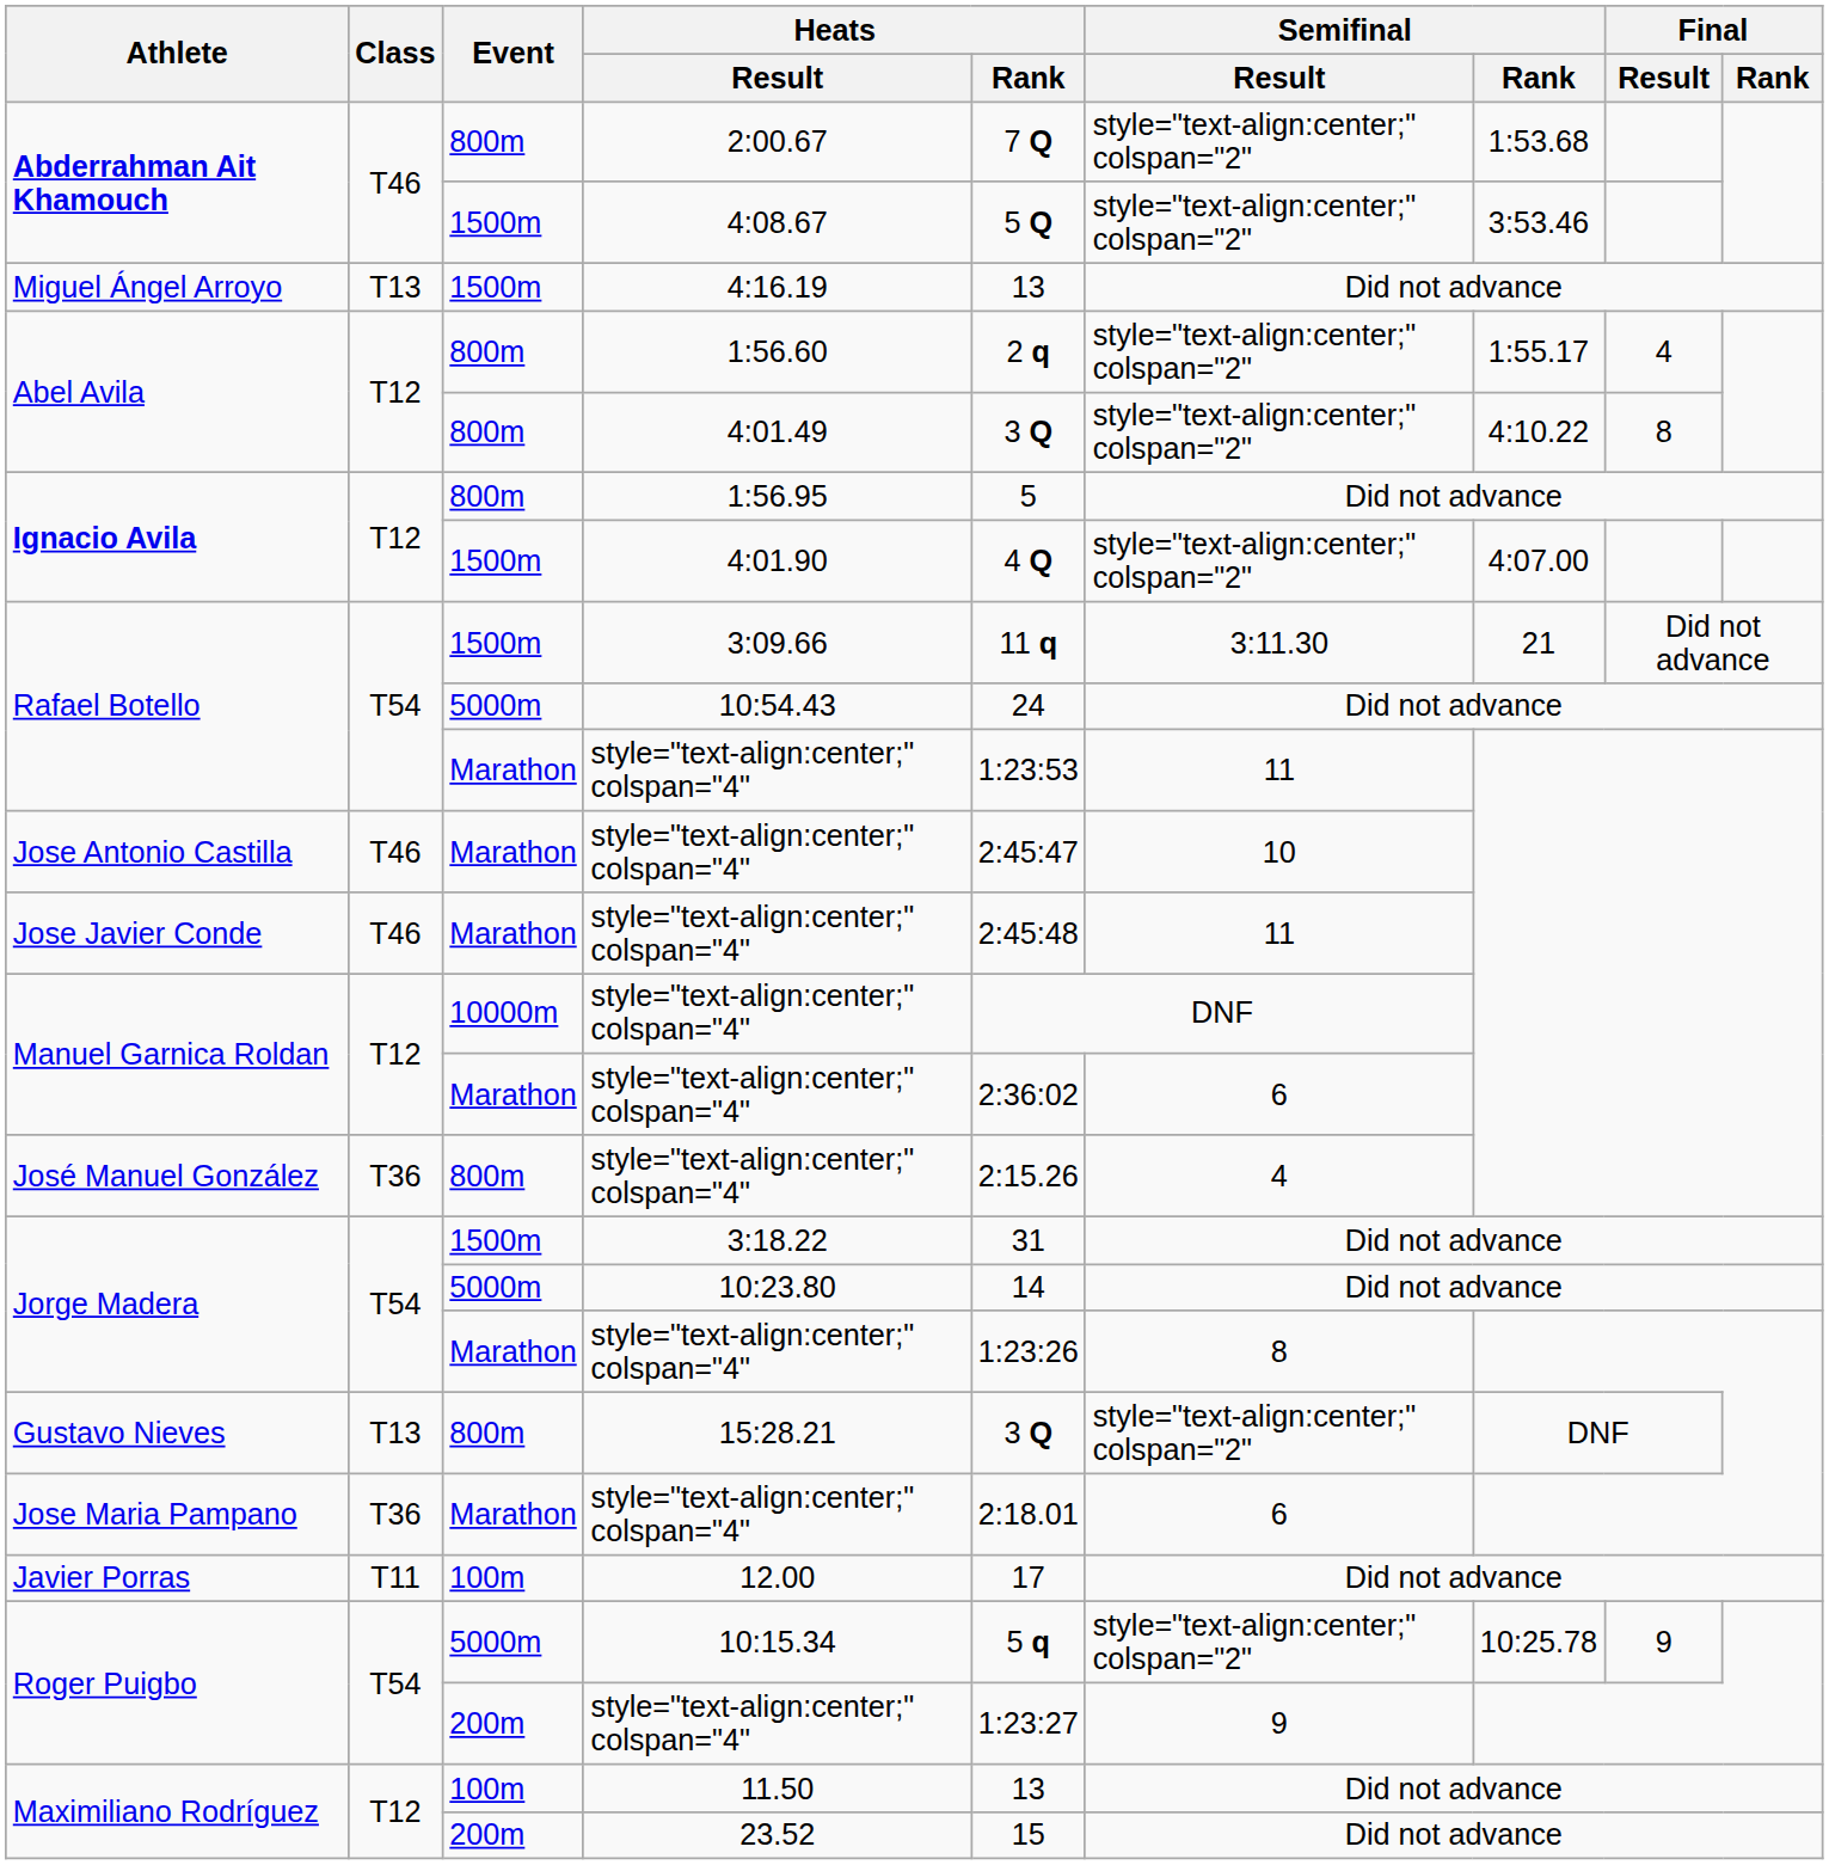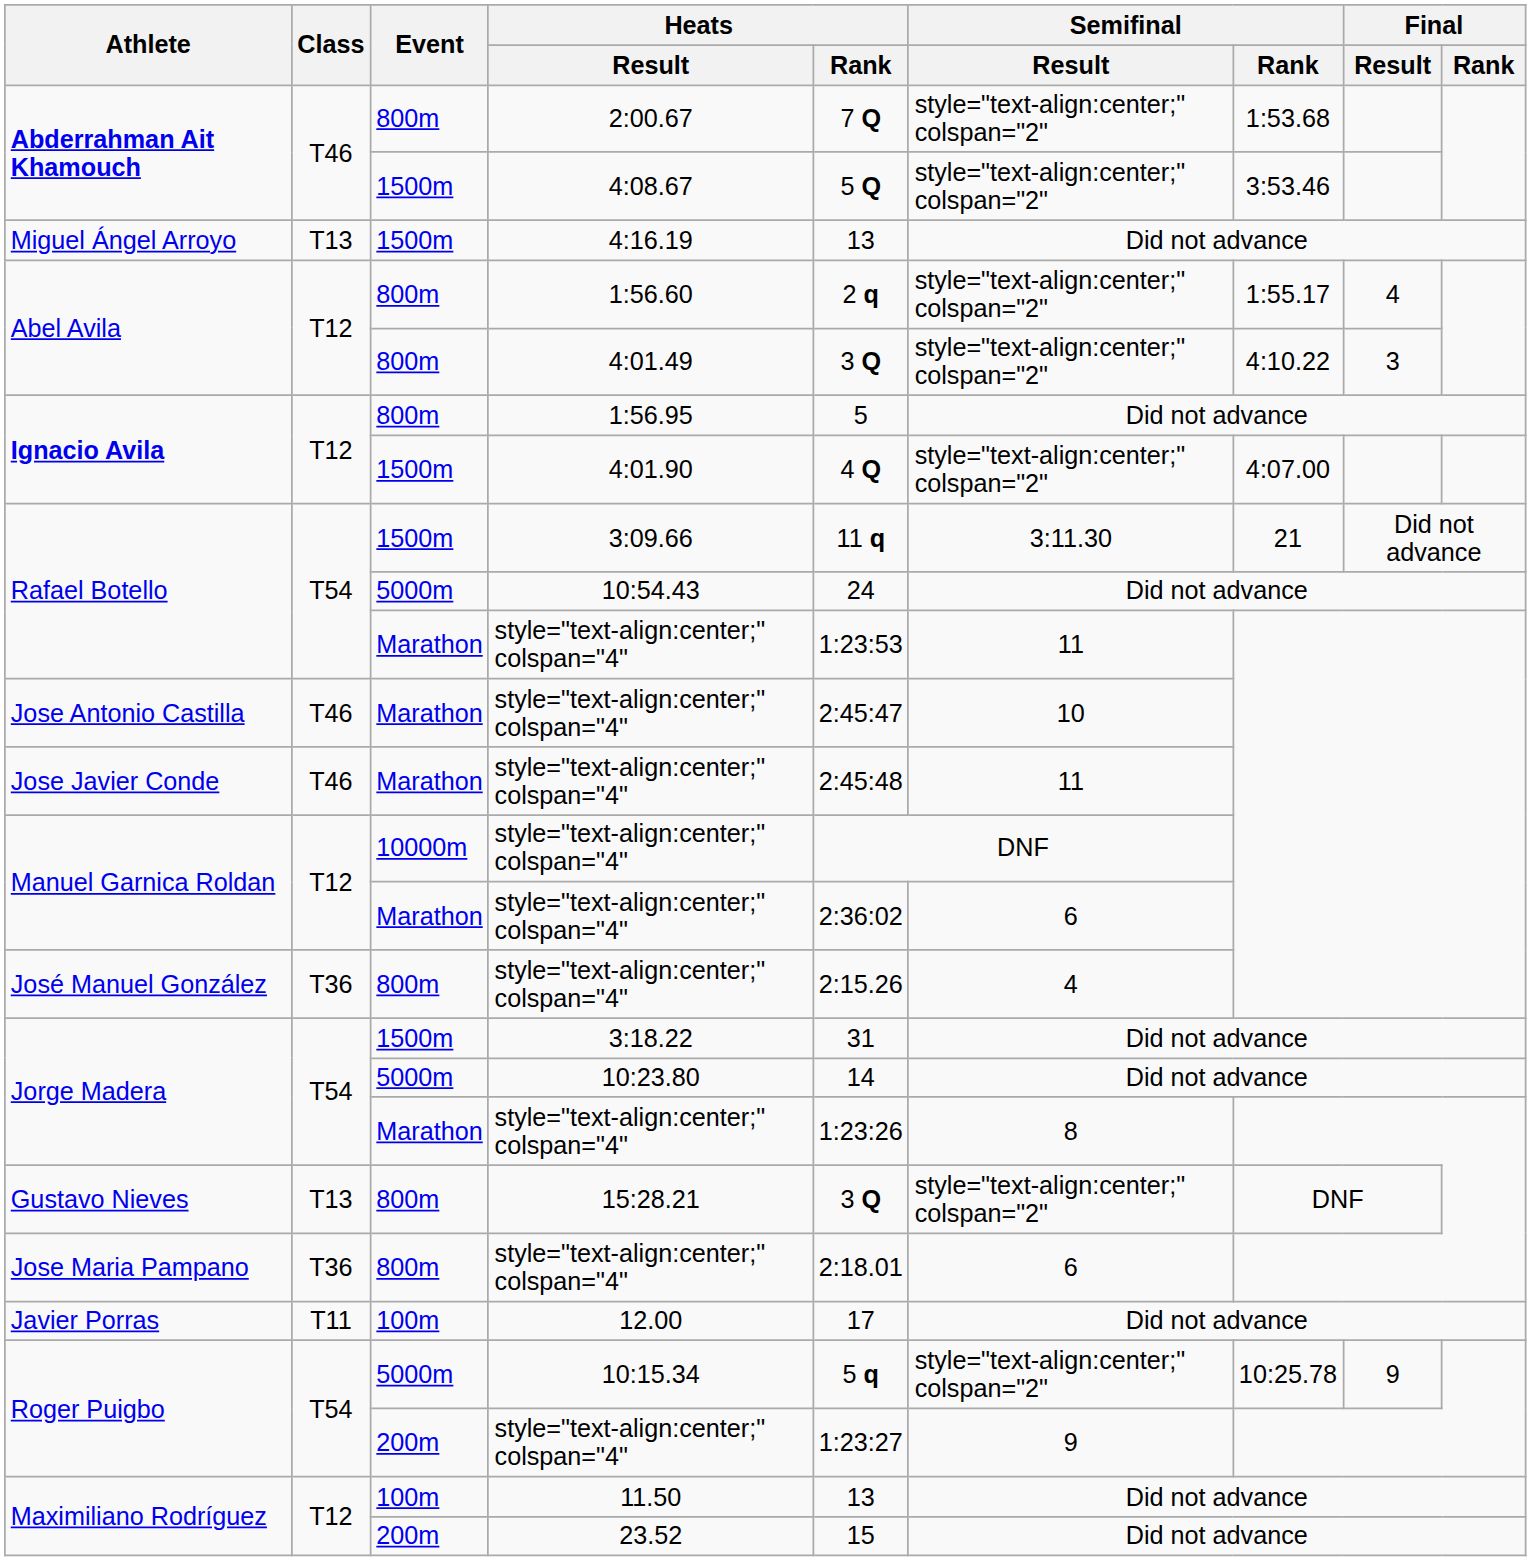 <table class=wikitable style="font-size:90%">
 <tr>
 <th rowspan="2">Athlete</th>
 <th rowspan="2">Class</th>
 <th rowspan="2">Event</th>
 <th colspan="2">Heats</th>
 <th colspan="2">Semifinal</th>
 <th colspan="2">Final</th>
 </tr>
 <tr>
 <th>Result</th>
 <th>Rank</th>
 <th>Result</th>
 <th>Rank</th>
 <th>Result</th>
 <th>Rank</th>
 </tr>
 <tr>
 <td rowspan="2"><strong><a href='#'>Abderrahman Ait Khamouch</a></strong></td>
 <td rowspan="2" style="text-align:center;">T46</td>
 <td><a href='#'>800m</a></td>
 <td style="text-align:center;">2:00.67</td>
 <td style="text-align:center;">7 <strong>Q</strong></td>
 <td>style="text-align:center;" colspan="2" </td>
 <td style="text-align:center;">1:53.68</td>
 <td style="text-align:center;"></td>
 </tr>
 <tr>
 <td><a href='#'>1500m</a></td>
 <td style="text-align:center;">4:08.67</td>
 <td style="text-align:center;">5 <strong>Q</strong></td>
 <td>style="text-align:center;" colspan="2" </td>
 <td style="text-align:center;">3:53.46</td>
 <td style="text-align:center;"></td>
 </tr>
 <tr>
 <td><a href='#'>Miguel Ángel Arroyo</a></td>
 <td style="text-align:center;">T13</td>
 <td><a href='#'>1500m</a></td>
 <td style="text-align:center;">4:16.19</td>
 <td style="text-align:center;">13</td>
 <td style="text-align:center;" colspan="4">Did not advance</td>
 </tr>
 <tr>
 <td rowspan="2"><a href='#'>Abel Avila</a></td>
 <td rowspan="2" style="text-align:center;">T12</td>
 <td><a href='#'>800m</a></td>
 <td style="text-align:center;">1:56.60</td>
 <td style="text-align:center;">2 <strong>q</strong></td>
 <td>style="text-align:center;" colspan="2" </td>
 <td style="text-align:center;">1:55.17</td>
 <td style="text-align:center;">4</td>
 </tr>
 <tr>
 <td><a href='#'>800m</a></td>
 <td style="text-align:center;">4:01.49</td>
 <td style="text-align:center;">3 <strong>Q</strong></td>
 <td>style="text-align:center;" colspan="2" </td>
 <td style="text-align:center;">4:10.22</td>
-<td style="text-align:center;">8</td>
+<td style="text-align:center;">3</td>
 </tr>
 <tr>
 <td rowspan="2"><strong><a href='#'>Ignacio Avila</a></strong></td>
 <td rowspan="2" style="text-align:center;">T12</td>
 <td><a href='#'>800m</a></td>
 <td style="text-align:center;">1:56.95</td>
 <td style="text-align:center;">5</td>
 <td style="text-align:center;" colspan="4">Did not advance</td>
 </tr>
 <tr>
 <td><a href='#'>1500m</a></td>
 <td style="text-align:center;">4:01.90</td>
 <td style="text-align:center;">4 <strong>Q</strong></td>
 <td>style="text-align:center;" colspan="2" </td>
 <td style="text-align:center;">4:07.00</td>
 <td style="text-align:center;"></td>
 </tr>
 <tr>
 <td rowspan="3"><a href='#'>Rafael Botello</a></td>
 <td rowspan="3" style="text-align:center;">T54</td>
 <td><a href='#'>1500m</a></td>
 <td style="text-align:center;">3:09.66</td>
 <td style="text-align:center;">11 <strong>q</strong></td>
 <td style="text-align:center;">3:11.30</td>
 <td style="text-align:center;">21</td>
 <td style="text-align:center;" colspan="2">Did not advance</td>
 </tr>
 <tr>
 <td><a href='#'>5000m</a></td>
 <td style="text-align:center;">10:54.43</td>
 <td style="text-align:center;">24</td>
 <td style="text-align:center;" colspan="4">Did not advance</td>
 </tr>
 <tr>
 <td><a href='#'>Marathon</a></td>
 <td>style="text-align:center;" colspan="4" </td>
 <td style="text-align:center;">1:23:53</td>
 <td style="text-align:center;">11</td>
 </tr>
 <tr>
 <td><a href='#'>Jose Antonio Castilla</a></td>
 <td style="text-align:center;">T46</td>
 <td><a href='#'>Marathon</a></td>
 <td>style="text-align:center;" colspan="4" </td>
 <td style="text-align:center;">2:45:47</td>
 <td style="text-align:center;">10</td>
 </tr>
 <tr>
 <td><a href='#'>Jose Javier Conde</a></td>
 <td style="text-align:center;">T46</td>
 <td><a href='#'>Marathon</a></td>
 <td>style="text-align:center;" colspan="4" </td>
 <td style="text-align:center;">2:45:48</td>
 <td style="text-align:center;">11</td>
 </tr>
 <tr>
 <td rowspan="2"><a href='#'>Manuel Garnica Roldan</a></td>
 <td rowspan="2" style="text-align:center;">T12</td>
 <td><a href='#'>10000m</a></td>
 <td>style="text-align:center;" colspan="4" </td>
 <td style="text-align:center;" colspan="2">DNF</td>
 </tr>
 <tr>
 <td><a href='#'>Marathon</a></td>
 <td>style="text-align:center;" colspan="4" </td>
 <td style="text-align:center;">2:36:02</td>
 <td style="text-align:center;">6</td>
 </tr>
 <tr>
 <td><a href='#'>José Manuel González</a></td>
 <td style="text-align:center;">T36</td>
 <td><a href='#'>800m</a></td>
 <td>style="text-align:center;" colspan="4" </td>
 <td style="text-align:center;">2:15.26</td>
 <td style="text-align:center;">4</td>
 </tr>
 <tr>
 <td rowspan="3"><a href='#'>Jorge Madera</a></td>
 <td rowspan="3" style="text-align:center;">T54</td>
 <td><a href='#'>1500m</a></td>
 <td style="text-align:center;">3:18.22</td>
 <td style="text-align:center;">31</td>
 <td style="text-align:center;" colspan="4">Did not advance</td>
 </tr>
 <tr>
 <td><a href='#'>5000m</a></td>
 <td style="text-align:center;">10:23.80</td>
 <td style="text-align:center;">14</td>
 <td style="text-align:center;" colspan="4">Did not advance</td>
 </tr>
 <tr>
 <td><a href='#'>Marathon</a></td>
 <td>style="text-align:center;" colspan="4" </td>
 <td style="text-align:center;">1:23:26</td>
 <td style="text-align:center;">8</td>
 </tr>
 <tr>
 <td><a href='#'>Gustavo Nieves</a></td>
 <td style="text-align:center;">T13</td>
 <td><a href='#'>800m</a></td>
 <td style="text-align:center;">15:28.21</td>
 <td style="text-align:center;">3 <strong>Q</strong></td>
 <td>style="text-align:center;" colspan="2" </td>
 <td style="text-align:center;" colspan="2">DNF</td>
 </tr>
 <tr>
 <td><a href='#'>Jose Maria Pampano</a></td>
 <td style="text-align:center;">T36</td>
-<td><a href='#'>Marathon</a></td>
+<td><a href='#'>800m</a></td>
 <td>style="text-align:center;" colspan="4" </td>
 <td style="text-align:center;">2:18.01</td>
 <td style="text-align:center;">6</td>
 </tr>
 <tr>
 <td><a href='#'>Javier Porras</a></td>
 <td style="text-align:center;">T11</td>
 <td><a href='#'>100m</a></td>
 <td style="text-align:center;">12.00</td>
 <td style="text-align:center;">17</td>
 <td style="text-align:center;" colspan="4">Did not advance</td>
 </tr>
 <tr>
 <td rowspan="2"><a href='#'>Roger Puigbo</a></td>
 <td rowspan="2" style="text-align:center;">T54</td>
 <td><a href='#'>5000m</a></td>
 <td style="text-align:center;">10:15.34</td>
 <td style="text-align:center;">5 <strong>q</strong></td>
 <td>style="text-align:center;" colspan="2" </td>
 <td style="text-align:center;">10:25.78</td>
 <td style="text-align:center;">9</td>
 </tr>
 <tr>
 <td><a href='#'>200m</a></td>
 <td>style="text-align:center;" colspan="4" </td>
 <td style="text-align:center;">1:23:27</td>
 <td style="text-align:center;">9</td>
 </tr>
 <tr>
 <td rowspan="2"><a href='#'>Maximiliano Rodríguez</a></td>
 <td rowspan="2" style="text-align:center;">T12</td>
 <td><a href='#'>100m</a></td>
 <td style="text-align:center;">11.50</td>
 <td style="text-align:center;">13</td>
 <td style="text-align:center;" colspan="4">Did not advance</td>
 </tr>
 <tr>
 <td><a href='#'>200m</a></td>
 <td style="text-align:center;">23.52</td>
 <td style="text-align:center;">15</td>
 <td style="text-align:center;" colspan="4">Did not advance</td>
 </tr>
 </table>
